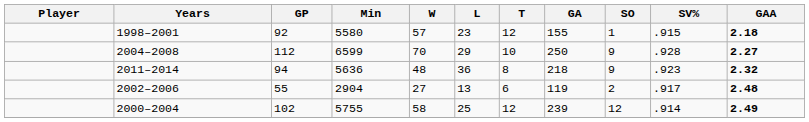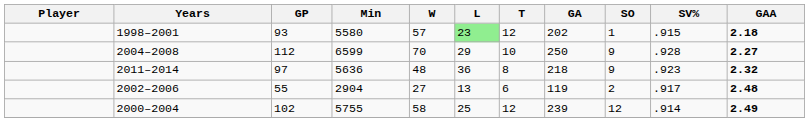 <table class="wikitable sortable" width = 900>
 <tr>
 <th>Player</th>
 <th>Years</th>
 <th>GP</th>
 <th>Min</th>
 <th>W</th>
 <th>L</th>
 <th>T</th>
 <th>GA</th>
 <th>SO</th>
 <th>SV%</th>
 <th>GAA</th>
 </tr>
 <tr>
 <td></td>
 <td>1998–2001</td>
-<td>92</td>
+<td>93</td>
 <td>5580</td>
 <td>57</td>
-<td>23</td>
+<td style="background: lightgreen;">23</td>
 <td>12</td>
-<td>155</td>
+<td>202</td>
 <td>1</td>
 <td>.915</td>
 <td><strong>2.18</strong></td>
 </tr>
 <tr>
 <td></td>
 <td>2004–2008</td>
 <td>112</td>
 <td>6599</td>
 <td>70</td>
 <td>29</td>
 <td>10</td>
 <td>250</td>
 <td>9</td>
 <td>.928</td>
 <td><strong>2.27</strong></td>
 </tr>
 <tr>
 <td></td>
 <td>2011–2014</td>
-<td>94</td>
+<td>97</td>
 <td>5636</td>
 <td>48</td>
 <td>36</td>
 <td>8</td>
 <td>218</td>
 <td>9</td>
 <td>.923</td>
 <td><strong>2.32</strong></td>
 </tr>
 <tr>
 <td></td>
 <td>2002–2006</td>
 <td>55</td>
 <td>2904</td>
 <td>27</td>
 <td>13</td>
 <td>6</td>
 <td>119</td>
 <td>2</td>
 <td>.917</td>
 <td><strong>2.48</strong></td>
 </tr>
 <tr>
 <td></td>
 <td>2000–2004</td>
 <td>102</td>
 <td>5755</td>
 <td>58</td>
 <td>25</td>
 <td>12</td>
 <td>239</td>
 <td>12</td>
 <td>.914</td>
 <td><strong>2.49</strong></td>
 </tr>
 <tr>
 </tr>
 </table>
